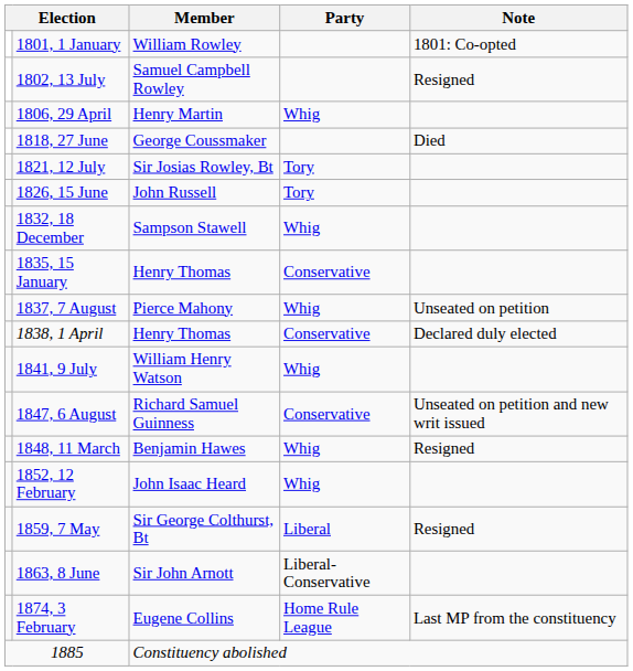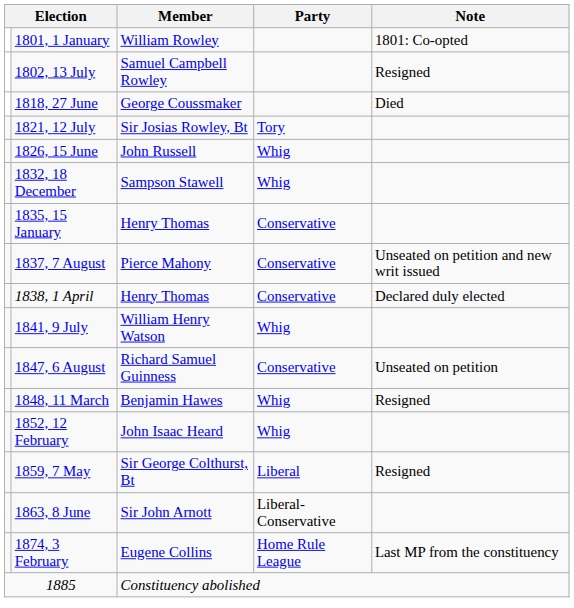 <table class="wikitable">
 <tr>
 <th colspan="2">Election</th>
 <th>Member</th>
 <th>Party</th>
 <th>Note</th>
 </tr>
 <tr>
 <td style="color:inherit;background-color: white"></td>
 <td><a href='#'>1801, 1 January</a></td>
 <td><a href='#'>William Rowley</a></td>
 <td></td>
 <td>1801: Co-opted</td>
 </tr>
 <tr>
 <td style="color:inherit;background-color: white"></td>
 <td><a href='#'>1802, 13 July</a></td>
 <td><a href='#'>Samuel Campbell Rowley</a></td>
 <td></td>
 <td>Resigned</td>
 </tr>
 <tr>
-<td style="color:inherit;background-color: "></td>
-<td><a href='#'>1806, 29 April</a></td>
-<td><a href='#'>Henry Martin</a></td>
-<td><a href='#'>Whig</a></td>
-<td></td>
-</tr>
-<tr>
 <td style="color:inherit;background-color: white"></td>
 <td><a href='#'>1818, 27 June</a></td>
 <td><a href='#'>George Coussmaker</a></td>
 <td></td>
 <td>Died</td>
 </tr>
 <tr>
 <td style="color:inherit;background-color: "></td>
 <td><a href='#'>1821, 12 July</a></td>
 <td><a href='#'>Sir Josias Rowley, Bt</a></td>
 <td><a href='#'>Tory</a></td>
 <td></td>
 </tr>
 <tr>
 <td style="color:inherit;background-color: "></td>
 <td><a href='#'>1826, 15 June</a></td>
 <td><a href='#'>John Russell</a></td>
-<td><a href='#'>Tory</a></td>
+<td><a href='#'>Whig</a></td>
 <td></td>
 </tr>
 <tr>
 <td style="color:inherit;background-color: "></td>
 <td><a href='#'>1832, 18 December</a></td>
 <td><a href='#'>Sampson Stawell</a></td>
 <td><a href='#'>Whig</a></td>
 <td></td>
 </tr>
 <tr>
 <td style="color:inherit;background-color: "></td>
 <td><a href='#'>1835, 15 January</a></td>
 <td><a href='#'>Henry Thomas</a></td>
 <td><a href='#'>Conservative</a></td>
 <td></td>
 </tr>
 <tr>
 <td style="color:inherit;background-color: "></td>
 <td><a href='#'>1837, 7 August</a></td>
 <td><a href='#'>Pierce Mahony</a></td>
-<td><a href='#'>Whig</a></td>
-<td>Unseated on petition</td>
+<td><a href='#'>Conservative</a></td>
+<td>Unseated on petition and new writ issued</td>
 </tr>
 <tr>
 <td style="color:inherit;background-color: "></td>
 <td><em>1838, 1 April</em></td>
 <td><a href='#'>Henry Thomas</a></td>
 <td><a href='#'>Conservative</a></td>
 <td>Declared duly elected</td>
 </tr>
 <tr>
 <td style="color:inherit;background-color: "></td>
 <td><a href='#'>1841, 9 July</a></td>
 <td><a href='#'>William Henry Watson</a></td>
 <td><a href='#'>Whig</a></td>
 <td></td>
 </tr>
 <tr>
 <td style="color:inherit;background-color: "></td>
 <td><a href='#'>1847, 6 August</a></td>
 <td><a href='#'>Richard Samuel Guinness</a></td>
 <td><a href='#'>Conservative</a></td>
-<td>Unseated on petition and new writ issued</td>
+<td>Unseated on petition</td>
 </tr>
 <tr>
 <td style="color:inherit;background-color: "></td>
 <td><a href='#'>1848, 11 March</a></td>
 <td><a href='#'>Benjamin Hawes</a></td>
 <td><a href='#'>Whig</a></td>
 <td>Resigned</td>
 </tr>
 <tr>
 <td style="color:inherit;background-color: "></td>
 <td><a href='#'>1852, 12 February</a></td>
 <td><a href='#'>John Isaac Heard</a></td>
 <td><a href='#'>Whig</a></td>
 <td></td>
 </tr>
 <tr>
 <td style="color:inherit;background-color: "></td>
 <td><a href='#'>1859, 7 May</a></td>
 <td><a href='#'>Sir George Colthurst, Bt</a></td>
 <td><a href='#'>Liberal</a></td>
 <td>Resigned</td>
 </tr>
 <tr>
 <td style="color:inherit;background-color: "></td>
 <td><a href='#'>1863, 8 June</a></td>
 <td><a href='#'>Sir John Arnott</a></td>
 <td>Liberal-Conservative</td>
 <td></td>
 </tr>
 <tr>
 <td style="color:inherit;background-color: "></td>
 <td><a href='#'>1874, 3 February</a></td>
 <td><a href='#'>Eugene Collins</a></td>
 <td><a href='#'>Home Rule League</a></td>
 <td>Last MP from the constituency</td>
 </tr>
 <tr>
 <td colspan="2" align="center"><em>1885</em></td>
 <td colspan="3"><em>Constituency abolished</em></td>
 </tr>
 </table>
